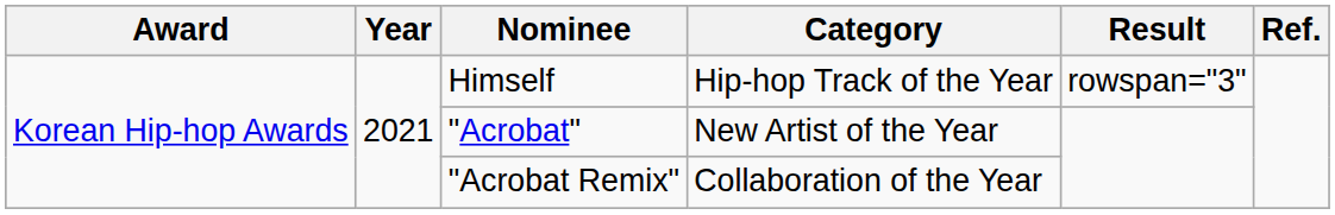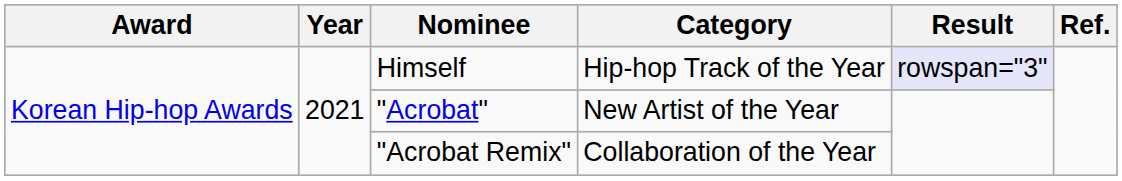 <table class="wikitable">
 <tr>
 <th>Award</th>
 <th>Year</th>
 <th>Nominee</th>
 <th>Category</th>
 <th>Result</th>
 <th>Ref.</th>
 </tr>
 <tr>
 <td rowspan="3"><a href='#'>Korean Hip-hop Awards</a></td>
 <td rowspan="3">2021</td>
 <td>Himself</td>
 <td>Hip-hop Track of the Year</td>
-<td>rowspan="3" </td>
+<td style="background: lavender;">rowspan="3" </td>
 <td rowspan="3"></td>
 </tr>
 <tr>
 <td>"<a href='#'>Acrobat</a>"</td>
 <td>New Artist of the Year</td>
 </tr>
 <tr>
 <td>"Acrobat Remix"</td>
 <td>Collaboration of the Year</td>
 </tr>
 </table>
